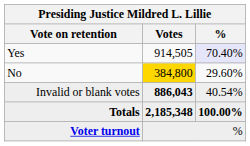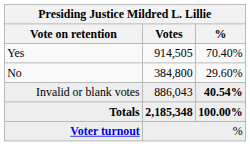 <table class="wikitable" style="font-size: 95%;">
 <tr style="background-color:#E9E9E9">
 <th colspan=7>Presiding Justice Mildred L. Lillie</th>
 </tr>
 <tr style="background-color:#E9E9E9">
 <th style="width: 170px">Vote on retention</th>
 <th style="width: 50px">Votes</th>
 <th style="width: 40px">%</th>
 </tr>
 <tr>
 <td>Yes</td>
 <td align="right">914,505</td>
-<td align="right" style="background: lavender;">70.40%</td>
+<td align="right">70.40%</td>
 </tr>
 <tr>
 <td>No</td>
-<td align="right" style="background: gold;">384,800</td>
+<td align="right">384,800</td>
 <td align="right">29.60%</td>
 </tr>
 <tr bgcolor="#EEEEEE">
 <td align="right">Invalid or blank votes</td>
-<td align="right"><strong>886,043</strong></td>
-<td align="right">40.54%</td>
+<td align="right">886,043</td>
+<td align="right"><strong>40.54%</strong></td>
 </tr>
 <tr bgcolor="#EEEEEE">
 <td align="right"><strong>Totals</strong></td>
 <td align="right"><strong>2,185,348</strong></td>
 <td align="right"><strong>100.00%</strong></td>
 </tr>
 <tr bgcolor="#EEEEEE">
 <td align="right"><strong><a href='#'>Voter turnout</a></strong></td>
 <td colspan="2" align="right">%</td>
 </tr>
 </table>
